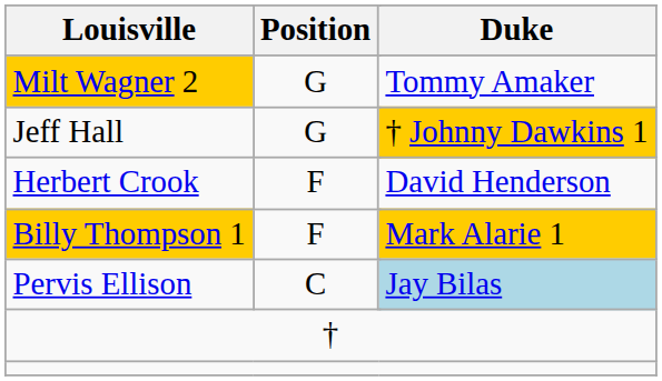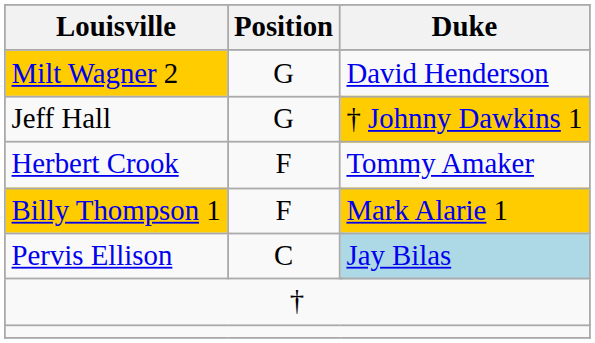 <table class="wikitable">
 <tr>
 <th>Louisville</th>
 <th colspan="2">Position</th>
 <th>Duke</th>
 </tr>
 <tr>
 <td style="background:#ffcc00"><a href='#'>Milt Wagner</a> 2</td>
 <td colspan=2 style="text-align:center">G</td>
-<td><a href='#'>Tommy Amaker</a></td>
+<td><a href='#'>David Henderson</a></td>
 </tr>
 <tr>
 <td>Jeff Hall</td>
 <td colspan=2 style="text-align:center">G</td>
 <td style="background:#ffcc00">† <a href='#'>Johnny Dawkins</a> 1</td>
 </tr>
 <tr>
 <td><a href='#'>Herbert Crook</a></td>
 <td colspan=2 style="text-align:center">F</td>
-<td><a href='#'>David Henderson</a></td>
+<td><a href='#'>Tommy Amaker</a></td>
 </tr>
 <tr>
 <td style="background:#ffcc00"><a href='#'>Billy Thompson</a> 1</td>
 <td colspan=2 style="text-align:center">F</td>
 <td style="background:#ffcc00"><a href='#'>Mark Alarie</a> 1</td>
 </tr>
 <tr>
 <td><a href='#'>Pervis Ellison</a></td>
 <td colspan=2 style="text-align:center">C</td>
 <td style="background: lightblue;"><a href='#'>Jay Bilas</a></td>
 </tr>
 <tr>
 <td colspan="5" align=center>† </td>
 </tr>
 <tr>
 <td colspan="5" align=center></td>
 </tr>
 </table>
